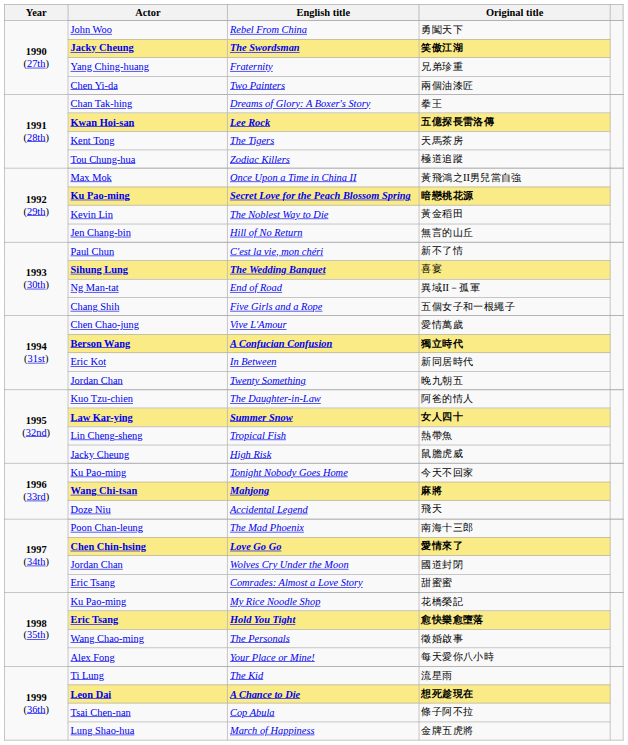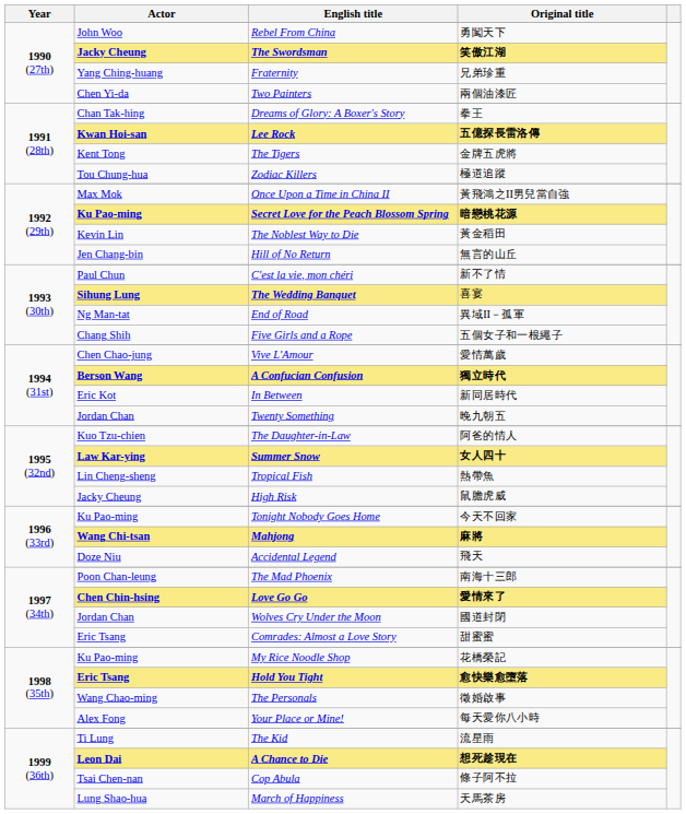 <table class="wikitable">
 <tr style="background:#bebebe;">
 <th style="width:10%;">Year</th>
 <th style="width:25%;">Actor</th>
 <th style="width:30%;">English title</th>
 <th style="width:30%;">Original title</th>
 <th style="width:2%;"></th>
 </tr>
 <tr>
 <td rowspan="5" style="text-align:center"><strong>1990</strong><br>(<a href='#'>27th</a>)</td>
 </tr>
 <tr>
 <td><a href='#'>John Woo</a></td>
 <td><em><a href='#'>Rebel From China</a></em></td>
 <td>勇闖天下</td>
 <td rowspan=4></td>
 </tr>
 <tr style="background:#FAEB86">
 <td><strong><a href='#'>Jacky Cheung</a></strong></td>
 <td><strong><em><a href='#'>The Swordsman</a></em></strong></td>
 <td><strong>笑傲江湖</strong></td>
 </tr>
 <tr>
 <td><a href='#'>Yang Ching-huang</a></td>
 <td><em><a href='#'>Fraternity</a></em></td>
 <td>兄弟珍重</td>
 </tr>
 <tr>
 <td><a href='#'>Chen Yi-da</a></td>
 <td><em><a href='#'>Two Painters</a></em></td>
 <td>兩個油漆匠</td>
 </tr>
 <tr>
 <td rowspan="5" style="text-align:center"><strong>1991</strong><br>(<a href='#'>28th</a>)</td>
 </tr>
 <tr>
 <td><a href='#'>Chan Tak-hing</a></td>
 <td><em><a href='#'>Dreams of Glory: A Boxer's Story</a></em></td>
 <td>拳王</td>
 <td rowspan=4></td>
 </tr>
 <tr style="background:#FAEB86">
 <td><strong><a href='#'>Kwan Hoi-san</a></strong></td>
 <td><strong><em><a href='#'>Lee Rock</a></em></strong></td>
 <td><strong>五億探長雷洛傳</strong></td>
 </tr>
 <tr>
 <td><a href='#'>Kent Tong</a></td>
 <td><em><a href='#'>The Tigers</a></em></td>
-<td>天馬茶房</td>
+<td>金牌五虎將</td>
 </tr>
 <tr>
 <td><a href='#'>Tou Chung-hua</a></td>
 <td><em><a href='#'>Zodiac Killers</a></em></td>
 <td>極道追蹤</td>
 </tr>
 <tr>
 <td rowspan="5" style="text-align:center"><strong>1992</strong><br>(<a href='#'>29th</a>)</td>
 </tr>
 <tr>
 <td><a href='#'>Max Mok</a></td>
 <td><em><a href='#'>Once Upon a Time in China II</a></em></td>
 <td>黃飛鴻之II男兒當自強</td>
 <td rowspan=4></td>
 </tr>
 <tr style="background:#FAEB86">
 <td><strong><a href='#'>Ku Pao-ming</a></strong></td>
 <td><strong><em><a href='#'>Secret Love for the Peach Blossom Spring</a></em></strong></td>
 <td><strong>暗戀桃花源</strong></td>
 </tr>
 <tr>
 <td><a href='#'>Kevin Lin</a></td>
 <td><em><a href='#'>The Noblest Way to Die</a></em></td>
 <td>黃金稻田</td>
 </tr>
 <tr>
 <td><a href='#'>Jen Chang-bin</a></td>
 <td><em><a href='#'>Hill of No Return</a></em></td>
 <td>無言的山丘</td>
 </tr>
 <tr>
 <td rowspan="5" style="text-align:center"><strong>1993</strong><br>(<a href='#'>30th</a>)</td>
 </tr>
 <tr>
 <td><a href='#'>Paul Chun</a></td>
 <td><em><a href='#'>C'est la vie, mon chéri</a></em></td>
 <td>新不了情</td>
 <td rowspan=4></td>
 </tr>
 <tr style="background:#FAEB86">
 <td><strong><a href='#'>Sihung Lung</a></strong></td>
 <td><strong><em><a href='#'>The Wedding Banquet</a></em></strong></td>
 <td>喜宴</td>
 </tr>
 <tr>
 <td><a href='#'>Ng Man-tat</a></td>
 <td><em><a href='#'>End of Road</a></em></td>
 <td>異域II－孤軍</td>
 </tr>
 <tr>
 <td><a href='#'>Chang Shih</a></td>
 <td><em><a href='#'>Five Girls and a Rope</a></em></td>
 <td>五個女子和一根繩子</td>
 </tr>
 <tr>
 <td rowspan="5" style="text-align:center"><strong>1994</strong><br>(<a href='#'>31st</a>)</td>
 </tr>
 <tr>
 <td><a href='#'>Chen Chao-jung</a></td>
 <td><em><a href='#'>Vive L'Amour</a></em></td>
 <td>愛情萬歲</td>
 <td rowspan=4></td>
 </tr>
 <tr style="background:#FAEB86">
 <td><strong><a href='#'>Berson Wang</a></strong></td>
 <td><strong><em><a href='#'>A Confucian Confusion</a></em></strong></td>
 <td><strong>獨立時代</strong></td>
 </tr>
 <tr>
 <td><a href='#'>Eric Kot</a></td>
 <td><em><a href='#'>In Between</a></em></td>
 <td>新同居時代</td>
 </tr>
 <tr>
 <td><a href='#'>Jordan Chan</a></td>
 <td><em><a href='#'>Twenty Something</a></em></td>
 <td>晚九朝五</td>
 </tr>
 <tr>
 <td rowspan="5" style="text-align:center"><strong>1995</strong><br>(<a href='#'>32nd</a>)</td>
 </tr>
 <tr>
 <td><a href='#'>Kuo Tzu-chien</a></td>
 <td><em><a href='#'>The Daughter-in-Law</a></em></td>
 <td>阿爸的情人</td>
 <td rowspan=4></td>
 </tr>
 <tr style="background:#FAEB86">
 <td><strong><a href='#'>Law Kar-ying</a></strong></td>
 <td><strong><em><a href='#'>Summer Snow</a></em></strong></td>
 <td><strong>女人四十</strong></td>
 </tr>
 <tr>
 <td><a href='#'>Lin Cheng-sheng</a></td>
 <td><em><a href='#'>Tropical Fish</a></em></td>
 <td>熱帶魚</td>
 </tr>
 <tr>
 <td><a href='#'>Jacky Cheung</a></td>
 <td><em><a href='#'>High Risk</a></em></td>
 <td>鼠膽虎威</td>
 </tr>
 <tr>
 <td rowspan="4" style="text-align:center"><strong>1996</strong><br>(<a href='#'>33rd</a>)</td>
 </tr>
 <tr>
 <td><a href='#'>Ku Pao-ming</a></td>
 <td><em><a href='#'>Tonight Nobody Goes Home</a></em></td>
 <td>今天不回家</td>
 <td rowspan=3></td>
 </tr>
 <tr style="background:#FAEB86">
 <td><strong><a href='#'>Wang Chi-tsan</a></strong></td>
 <td><strong><em><a href='#'>Mahjong</a></em></strong></td>
 <td><strong>麻將</strong></td>
 </tr>
 <tr>
 <td><a href='#'>Doze Niu</a></td>
 <td><em><a href='#'>Accidental Legend</a></em></td>
 <td>飛天</td>
 </tr>
 <tr>
 <td rowspan="5" style="text-align:center"><strong>1997</strong><br>(<a href='#'>34th</a>)</td>
 </tr>
 <tr>
 <td><a href='#'>Poon Chan-leung</a></td>
 <td><em><a href='#'>The Mad Phoenix</a></em></td>
 <td>南海十三郎</td>
 <td rowspan=4></td>
 </tr>
 <tr style="background:#FAEB86">
 <td><strong><a href='#'>Chen Chin-hsing</a></strong></td>
 <td><strong><em><a href='#'>Love Go Go</a></em></strong></td>
 <td><strong>愛情來了</strong></td>
 </tr>
 <tr>
 <td><a href='#'>Jordan Chan</a></td>
 <td><em><a href='#'>Wolves Cry Under the Moon</a></em></td>
 <td>國道封閉</td>
 </tr>
 <tr>
 <td><a href='#'>Eric Tsang</a></td>
 <td><em><a href='#'>Comrades: Almost a Love Story</a></em></td>
 <td>甜蜜蜜</td>
 </tr>
 <tr>
 <td rowspan="5" style="text-align:center"><strong>1998</strong><br>(<a href='#'>35th</a>)</td>
 </tr>
 <tr>
 <td><a href='#'>Ku Pao-ming</a></td>
 <td><em><a href='#'>My Rice Noodle Shop</a></em></td>
 <td>花橋榮記</td>
 <td rowspan=4></td>
 </tr>
 <tr style="background:#FAEB86">
 <td><strong><a href='#'>Eric Tsang</a></strong></td>
 <td><strong><em><a href='#'>Hold You Tight</a></em></strong></td>
 <td><strong>愈快樂愈墮落</strong></td>
 </tr>
 <tr>
 <td><a href='#'>Wang Chao-ming</a></td>
 <td><em><a href='#'>The Personals</a></em></td>
 <td>徵婚啟事</td>
 </tr>
 <tr>
 <td><a href='#'>Alex Fong</a></td>
 <td><em><a href='#'>Your Place or Mine!</a></em></td>
 <td>每天愛你八小時</td>
 </tr>
 <tr>
 <td rowspan="5" style="text-align:center"><strong>1999</strong><br>(<a href='#'>36th</a>)</td>
 </tr>
 <tr>
 <td><a href='#'>Ti Lung</a></td>
 <td><em><a href='#'>The Kid</a></em></td>
 <td>流星雨</td>
 <td rowspan=4></td>
 </tr>
 <tr style="background:#FAEB86">
 <td><strong><a href='#'>Leon Dai</a></strong></td>
 <td><strong><em><a href='#'>A Chance to Die</a></em></strong></td>
 <td><strong>想死趁現在</strong></td>
 </tr>
 <tr>
 <td><a href='#'>Tsai Chen-nan</a></td>
 <td><em><a href='#'>Cop Abula</a></em></td>
 <td>條子阿不拉</td>
 </tr>
 <tr>
 <td><a href='#'>Lung Shao-hua</a></td>
 <td><em><a href='#'>March of Happiness</a></em></td>
-<td>金牌五虎將</td>
+<td>天馬茶房</td>
 </tr>
 </table>
